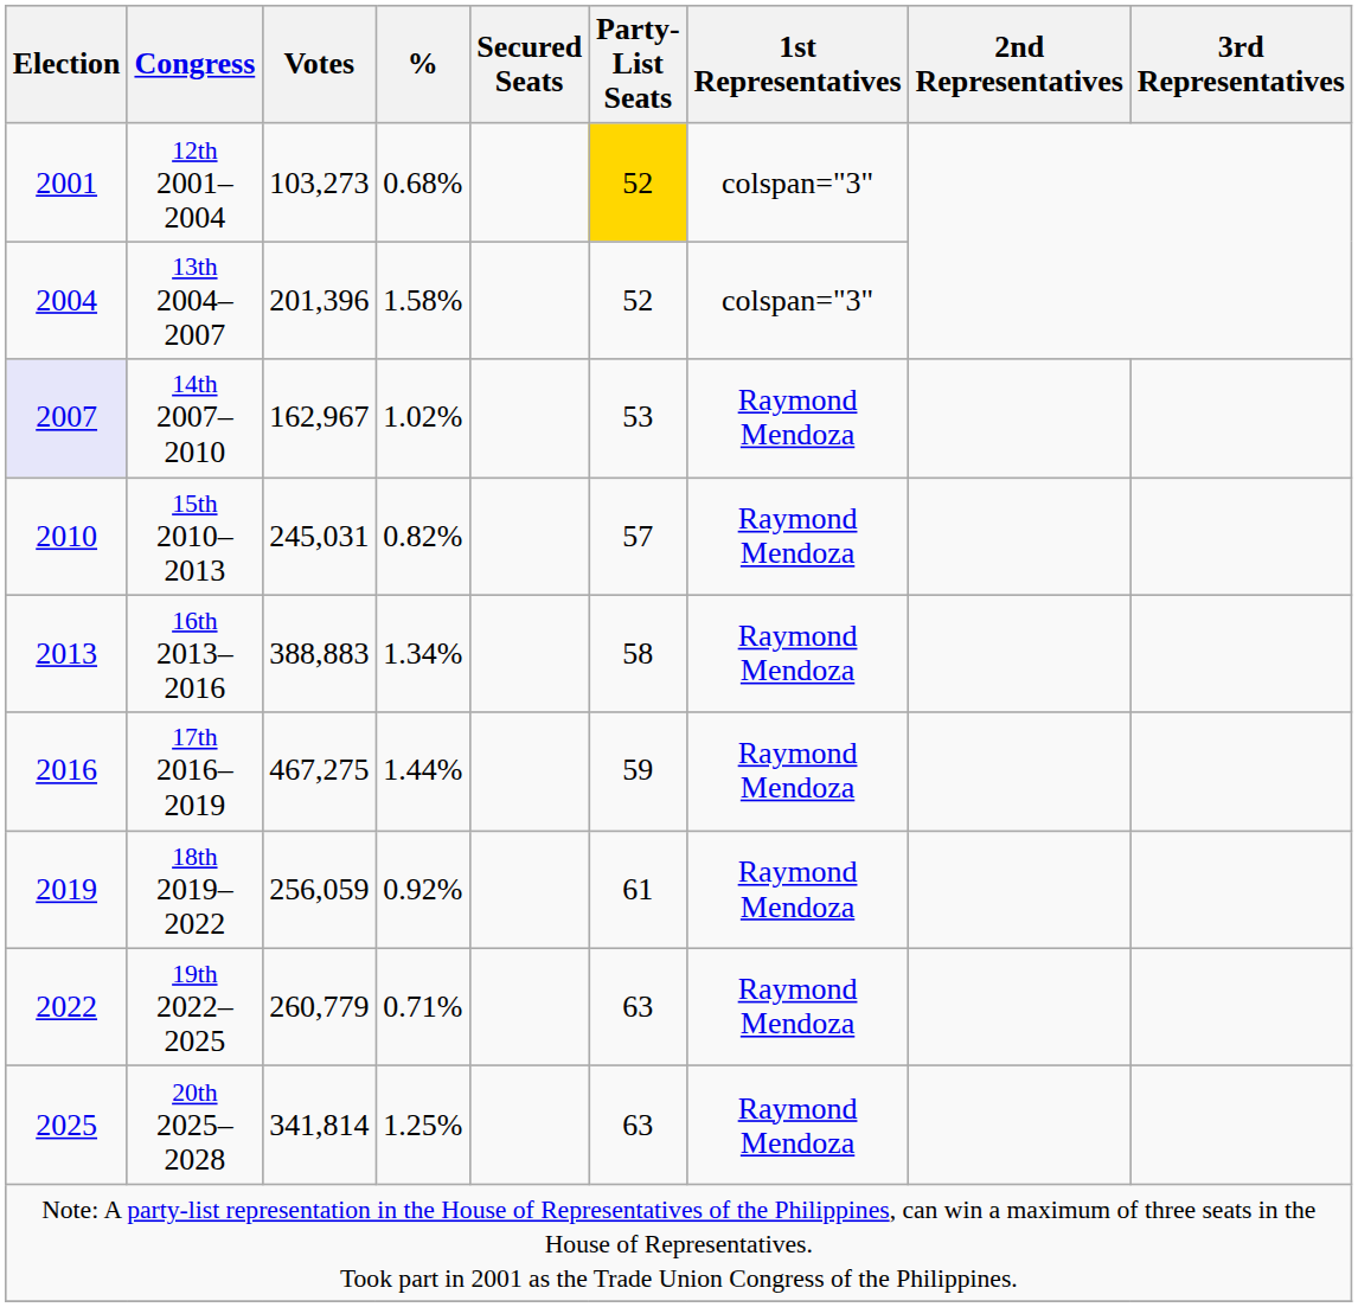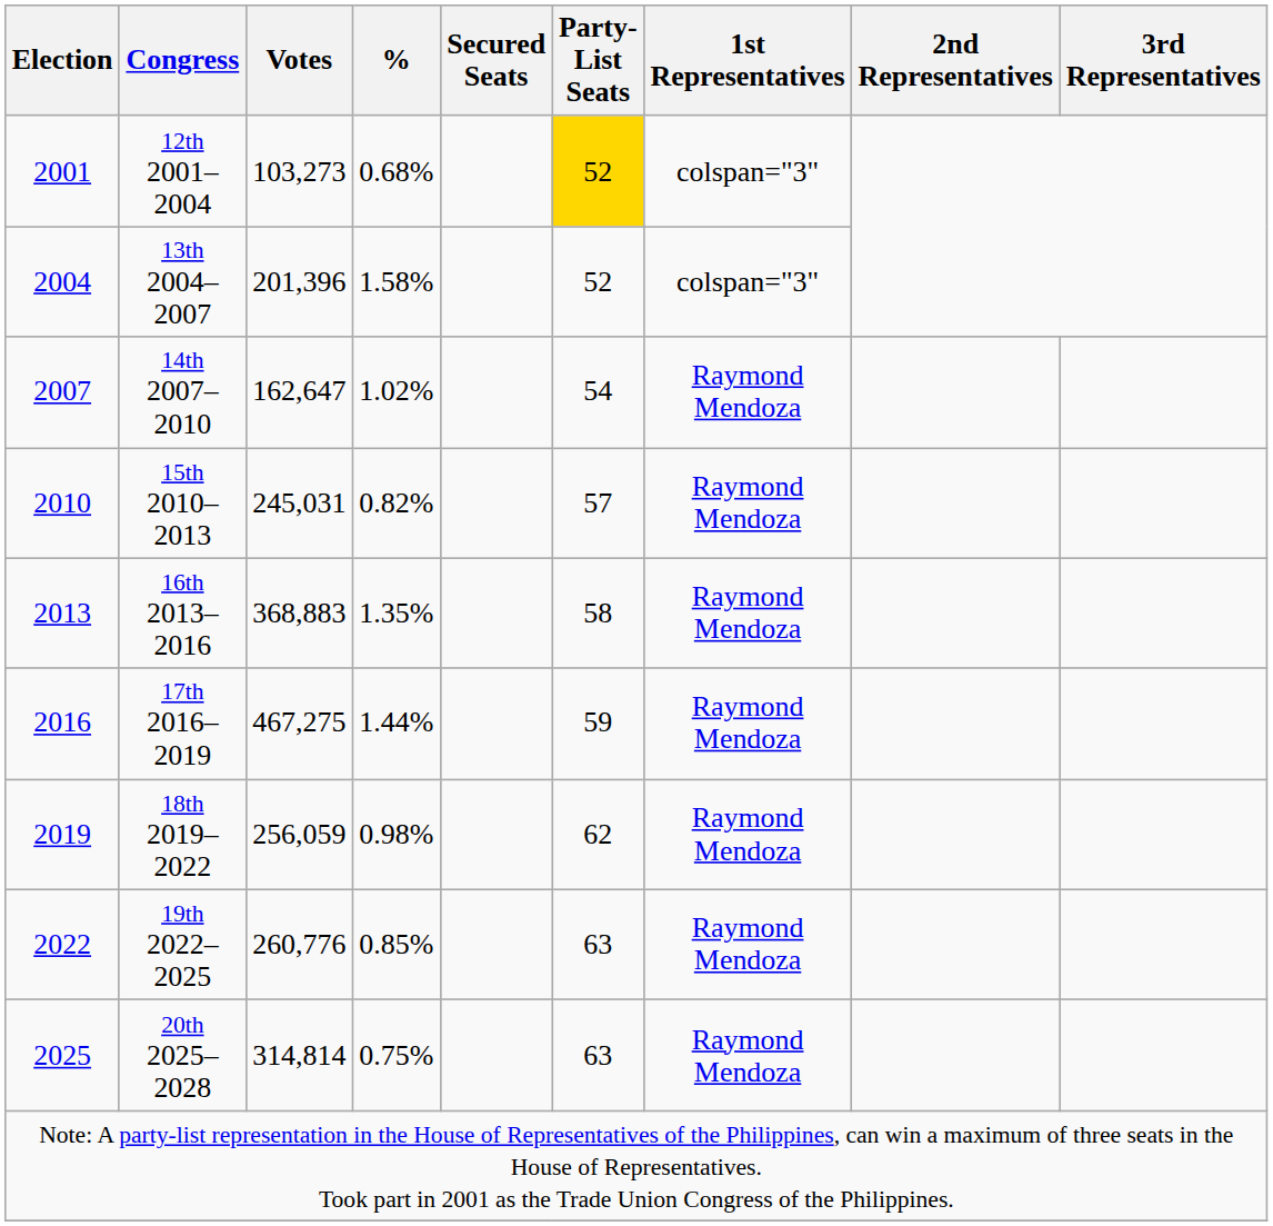 <table class="wikitable" style="text-align:center;">
 <tr>
 <th>Election</th>
 <th><a href='#'>Congress</a></th>
 <th>Votes</th>
 <th>%</th>
 <th>Secured Seats</th>
 <th>Party-List Seats</th>
 <th>1st Representatives</th>
 <th>2nd Representatives</th>
 <th>3rd Representatives</th>
 </tr>
 <tr>
 <td><a href='#'>2001</a></td>
 <td><small><a href='#'>12th</a></small><br>2001–2004</td>
 <td>103,273</td>
 <td>0.68%</td>
 <td></td>
 <td style="background: gold;">52</td>
 <td>colspan="3" </td>
 </tr>
 <tr>
 <td><a href='#'>2004</a></td>
 <td><small><a href='#'>13th</a></small><br>2004–2007</td>
 <td>201,396</td>
 <td>1.58%</td>
 <td></td>
 <td>52</td>
 <td>colspan="3" </td>
 </tr>
 <tr>
-<td style="background: lavender;"><a href='#'>2007</a></td>
+<td><a href='#'>2007</a></td>
 <td><small><a href='#'>14th</a></small><br>2007–2010</td>
-<td>162,967</td>
+<td>162,647</td>
 <td>1.02%</td>
 <td></td>
-<td>53</td>
+<td>54</td>
 <td><a href='#'>Raymond Mendoza</a> <br></td>
 <td></td>
 <td></td>
 </tr>
 <tr>
 <td><a href='#'>2010</a></td>
 <td><small><a href='#'>15th</a></small><br>2010–2013</td>
 <td>245,031</td>
 <td>0.82%</td>
 <td></td>
 <td>57</td>
 <td><a href='#'>Raymond Mendoza</a></td>
 <td></td>
 <td></td>
 </tr>
 <tr>
 <td><a href='#'>2013</a></td>
 <td><small><a href='#'>16th</a></small><br>2013–2016</td>
-<td>388,883</td>
-<td>1.34%</td>
+<td>368,883</td>
+<td>1.35%</td>
 <td></td>
 <td>58</td>
 <td><a href='#'>Raymond Mendoza</a> <br></td>
 <td></td>
 <td></td>
 </tr>
 <tr>
 <td><a href='#'>2016</a></td>
 <td><small><a href='#'>17th</a></small><br>2016–2019</td>
 <td>467,275</td>
 <td>1.44%</td>
 <td></td>
 <td>59</td>
 <td><a href='#'>Raymond Mendoza</a> <br></td>
 <td></td>
 <td></td>
 </tr>
 <tr>
 <td><a href='#'>2019</a></td>
 <td><small><a href='#'>18th</a></small><br>2019–2022</td>
 <td>256,059</td>
-<td>0.92%</td>
+<td>0.98%</td>
 <td></td>
-<td>61</td>
+<td>62</td>
 <td><a href='#'>Raymond Mendoza</a></td>
 <td></td>
 <td></td>
 </tr>
 <tr>
 <td><a href='#'>2022</a></td>
 <td><small><a href='#'>19th</a></small><br>2022–2025</td>
-<td>260,779</td>
-<td>0.71%</td>
+<td>260,776</td>
+<td>0.85%</td>
 <td></td>
 <td>63</td>
 <td><a href='#'>Raymond Mendoza</a></td>
 <td></td>
 <td></td>
 </tr>
 <tr>
 <td><a href='#'>2025</a></td>
 <td><small><a href='#'>20th</a></small><br>2025–2028</td>
-<td>341,814</td>
-<td>1.25%</td>
+<td>314,814</td>
+<td>0.75%</td>
 <td></td>
 <td>63</td>
 <td><a href='#'>Raymond Mendoza</a></td>
 <td></td>
 <td></td>
 </tr>
 <tr>
 <td colspan="9"><small>Note: A <a href='#'>party-list representation in the House of Representatives of the Philippines</a>, can win a maximum of three seats in the House of Representatives.<br>Took part in 2001 as the Trade Union Congress of the Philippines.</small></td>
 </tr>
 <tr>
 </tr>
 </table>
